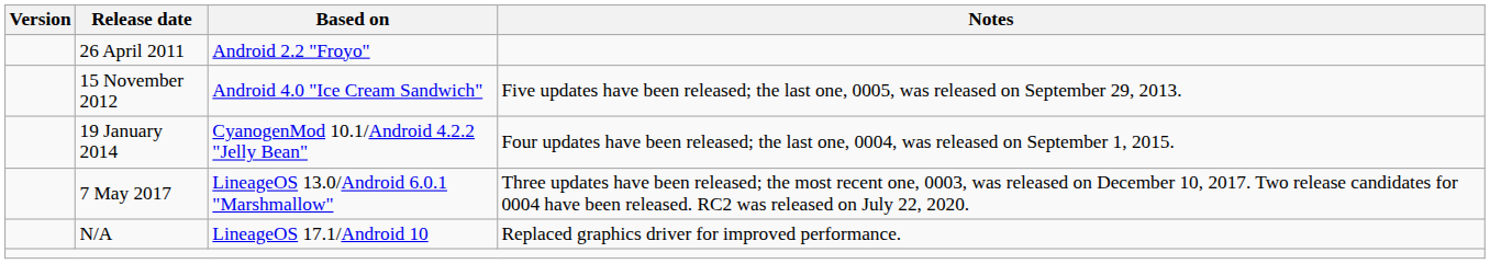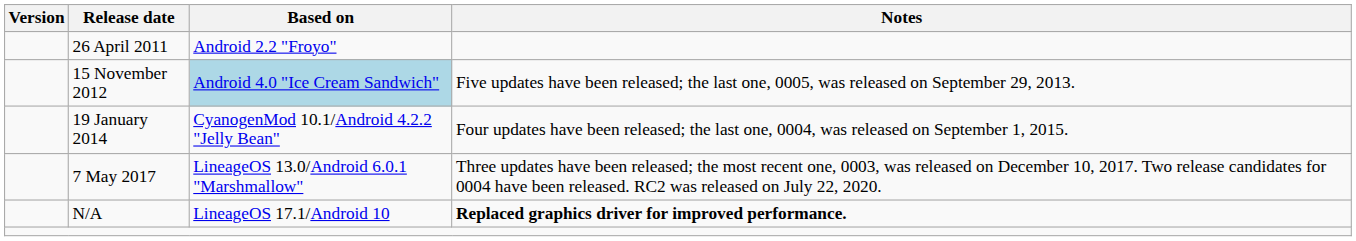 <table class="wikitable">
 <tr>
 <th>Version</th>
 <th>Release date</th>
 <th>Based on</th>
 <th>Notes</th>
 </tr>
 <tr>
 <td></td>
 <td>26 April 2011</td>
 <td><a href='#'>Android 2.2 "Froyo"</a></td>
 <td></td>
 </tr>
 <tr>
 <td></td>
 <td>15 November 2012</td>
-<td><a href='#'>Android 4.0 "Ice Cream Sandwich"</a></td>
+<td style="background: lightblue;"><a href='#'>Android 4.0 "Ice Cream Sandwich"</a></td>
 <td>Five updates have been released; the last one, 0005, was released on September 29, 2013.</td>
 </tr>
 <tr>
 <td></td>
 <td>19 January 2014</td>
 <td><a href='#'>CyanogenMod</a> 10.1/<a href='#'>Android 4.2.2 "Jelly Bean"</a></td>
 <td>Four updates have been released; the last one, 0004, was released on September 1, 2015.</td>
 </tr>
 <tr>
 <td></td>
 <td>7 May 2017</td>
 <td><a href='#'>LineageOS</a> 13.0/<a href='#'>Android 6.0.1 "Marshmallow"</a></td>
 <td>Three updates have been released; the most recent one, 0003, was released on December 10, 2017. Two release candidates for 0004 have been released. RC2 was released on July 22, 2020.</td>
 </tr>
 <tr>
 <td></td>
 <td>N/A</td>
 <td><a href='#'>LineageOS</a> 17.1/<a href='#'>Android 10</a></td>
-<td>Replaced graphics driver for improved performance.</td>
+<td><strong>Replaced graphics driver for improved performance.</strong></td>
 </tr>
 <tr>
 <td colspan=6></td>
 </tr>
 </table>
